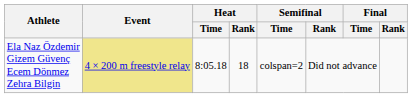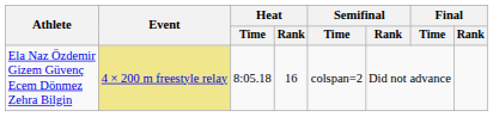 <table class="wikitable" style="font-size:90%; text-align:center">
 <tr>
 <th rowspan=2>Athlete</th>
 <th rowspan=2>Event</th>
 <th colspan=2>Heat</th>
 <th colspan=2>Semifinal</th>
 <th colspan=2>Final</th>
 </tr>
 <tr style="font-size:95%">
 <th>Time</th>
 <th>Rank</th>
 <th>Time</th>
 <th>Rank</th>
 <th>Time</th>
 <th>Rank</th>
 </tr>
 <tr>
 <td align="left"><a href='#'>Ela Naz Özdemir</a><br><a href='#'>Gizem Güvenç</a><br><a href='#'>Ecem Dönmez</a><br><a href='#'>Zehra Bilgin</a></td>
 <td align="left" style="background: khaki;"><a href='#'>4 × 200 m freestyle relay</a></td>
 <td>8:05.18</td>
-<td>18</td>
+<td>16</td>
 <td>colspan=2 </td>
 <td colspan=2>Did not advance</td>
 </tr>
 </table>
